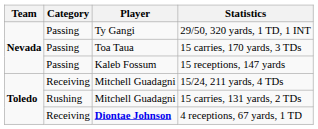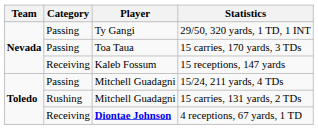 <table class="wikitable" style="float: left;">
 <tr>
 <th>Team</th>
 <th>Category</th>
 <th>Player</th>
 <th>Statistics</th>
 </tr>
 <tr>
 <td rowspan=3><strong>Nevada</strong></td>
 <td>Passing</td>
 <td>Ty Gangi</td>
 <td>29/50, 320 yards, 1 TD, 1 INT</td>
 </tr>
 <tr>
 <td>Passing</td>
 <td>Toa Taua</td>
 <td>15 carries, 170 yards, 3 TDs</td>
 </tr>
 <tr>
-<td>Passing</td>
+<td>Receiving</td>
 <td>Kaleb Fossum</td>
 <td>15 receptions, 147 yards</td>
 </tr>
 <tr>
 <td rowspan=3><strong>Toledo</strong></td>
-<td>Receiving</td>
+<td>Passing</td>
 <td>Mitchell Guadagni</td>
 <td>15/24, 211 yards, 4 TDs</td>
 </tr>
 <tr>
 <td>Rushing</td>
 <td>Mitchell Guadagni</td>
 <td>15 carries, 131 yards, 2 TDs</td>
 </tr>
 <tr>
 <td>Receiving</td>
 <td><strong><a href='#'>Diontae Johnson</a></strong></td>
 <td>4 receptions, 67 yards, 1 TD</td>
 </tr>
 </table>
